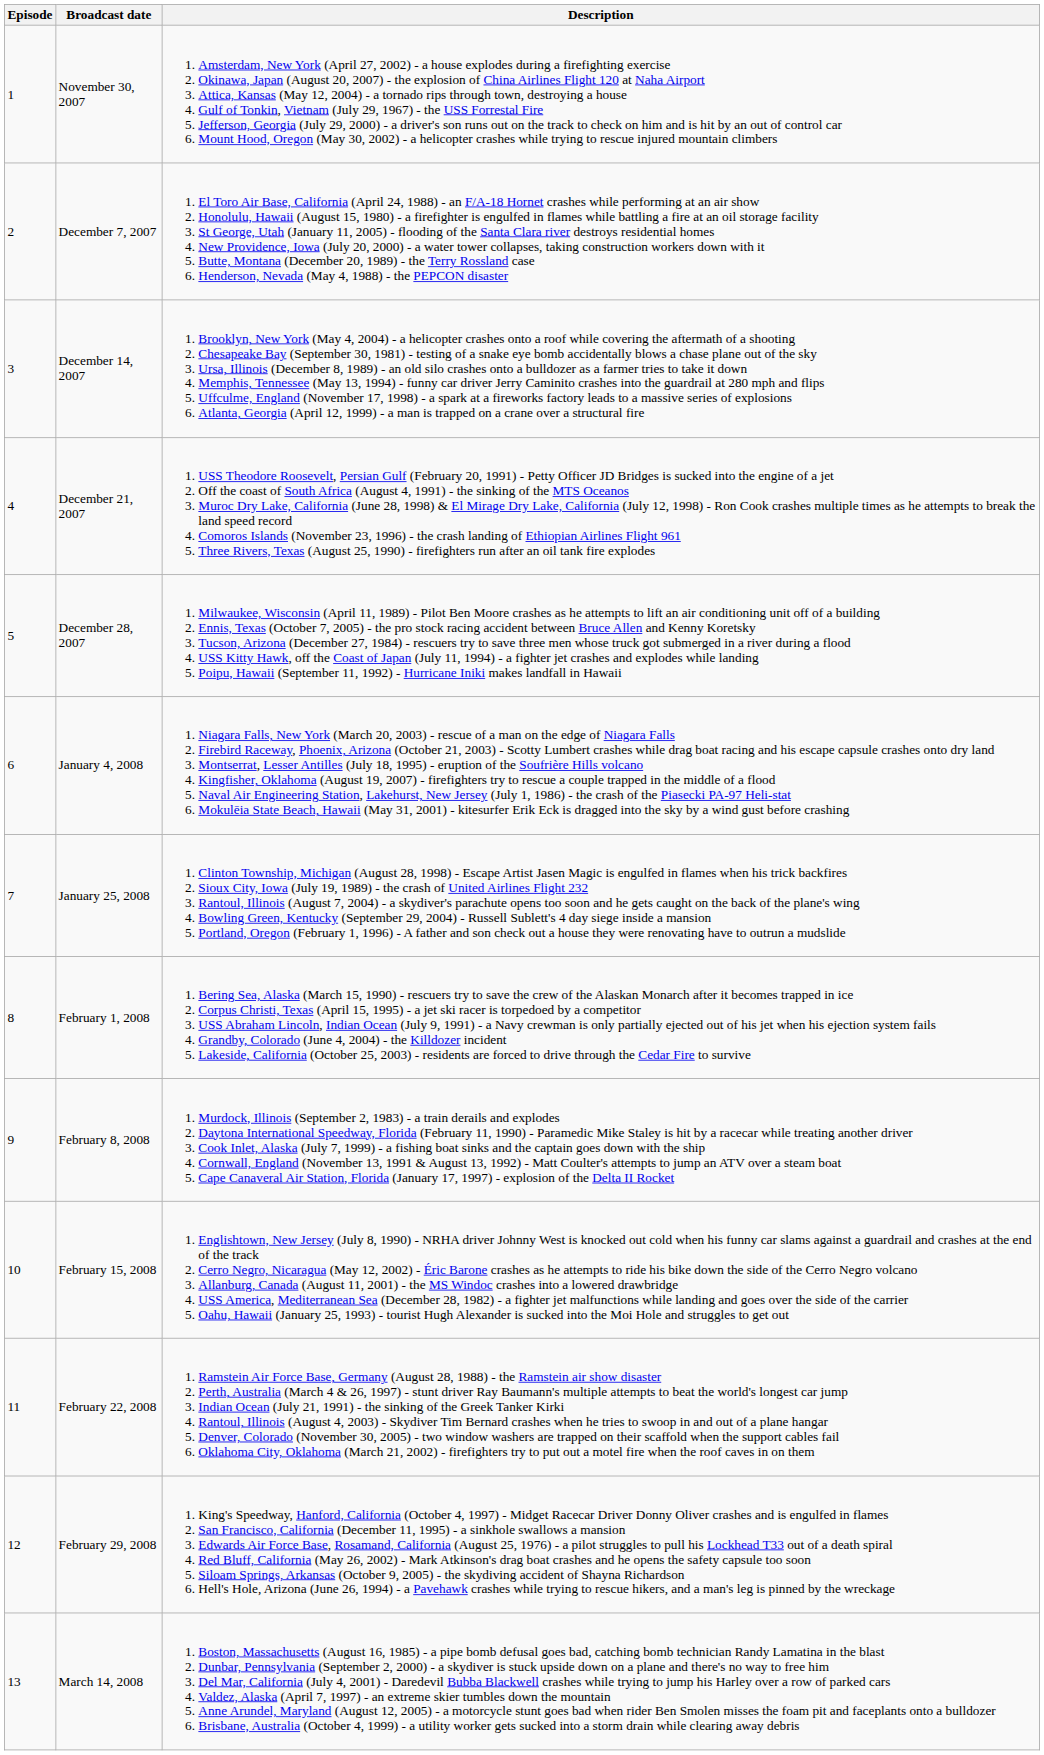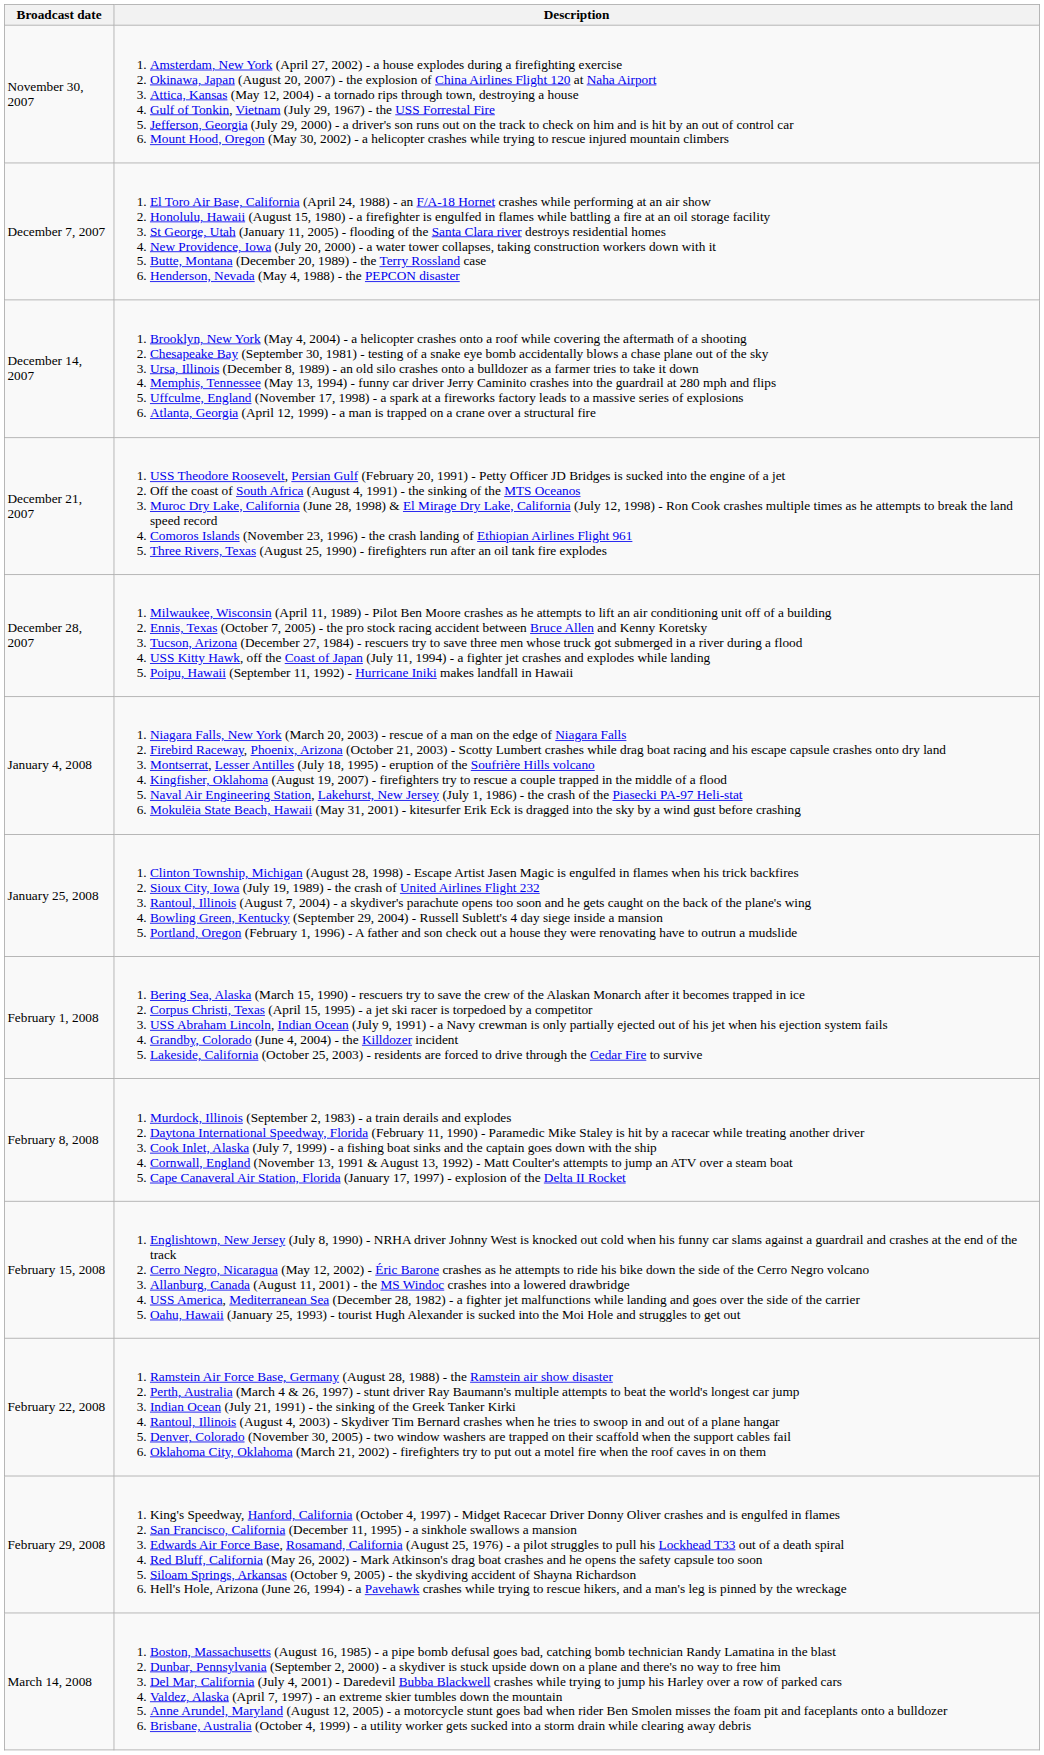 <table class="wikitable">
 <tr>
-<th>Episode</th>
 <th>Broadcast date</th>
 <th>Description</th>
 </tr>
 <tr>
-<td>1</td>
 <td>November 30, 2007</td>
 <td><br><ol><li><a href='#'>Amsterdam, New York</a> (April 27, 2002) - a house explodes during a firefighting exercise</li><li><a href='#'>Okinawa, Japan</a> (August 20, 2007) - the explosion of <a href='#'>China Airlines Flight 120</a> at <a href='#'>Naha Airport</a></li><li><a href='#'>Attica, Kansas</a> (May 12, 2004) - a tornado rips through town, destroying a house</li><li><a href='#'>Gulf of Tonkin</a>, <a href='#'>Vietnam</a> (July 29, 1967) - the <a href='#'>USS Forrestal Fire</a></li><li><a href='#'>Jefferson, Georgia</a> (July 29, 2000) - a driver's son runs out on the track to check on him and is hit by an out of control car</li><li><a href='#'>Mount Hood, Oregon</a> (May 30, 2002) - a helicopter crashes while trying to rescue injured mountain climbers</li></ol></td>
 </tr>
 <tr>
-<td>2</td>
 <td>December 7, 2007</td>
 <td><br><ol><li><a href='#'>El Toro Air Base, California</a> (April 24, 1988) - an <a href='#'>F/A-18 Hornet</a> crashes while performing at an air show</li><li><a href='#'>Honolulu, Hawaii</a> (August 15, 1980) - a firefighter is engulfed in flames while battling a fire at an oil storage facility</li><li><a href='#'>St George, Utah</a> (January 11, 2005) - flooding of the <a href='#'>Santa Clara river</a> destroys residential homes</li><li><a href='#'>New Providence, Iowa</a> (July 20, 2000) - a water tower collapses, taking construction workers down with it</li><li><a href='#'>Butte, Montana</a> (December 20, 1989) - the <a href='#'>Terry Rossland</a> case</li><li><a href='#'>Henderson, Nevada</a> (May 4, 1988) - the <a href='#'>PEPCON disaster</a></li></ol></td>
 </tr>
 <tr>
-<td>3</td>
 <td>December 14, 2007</td>
 <td><br><ol><li><a href='#'>Brooklyn, New York</a> (May 4, 2004) - a helicopter crashes onto a roof while covering the aftermath of a shooting</li><li><a href='#'>Chesapeake Bay</a> (September 30, 1981) - testing of a snake eye bomb accidentally blows a chase plane out of the sky</li><li><a href='#'>Ursa, Illinois</a> (December 8, 1989) - an old silo crashes onto a bulldozer as a farmer tries to take it down</li><li><a href='#'>Memphis, Tennessee</a> (May 13, 1994) - funny car driver Jerry Caminito crashes into the guardrail at 280 mph and flips</li><li><a href='#'>Uffculme, England</a> (November 17, 1998) - a spark at a fireworks factory leads to a massive series of explosions</li><li><a href='#'>Atlanta, Georgia</a> (April 12, 1999) - a man is trapped on a crane over a structural fire</li></ol></td>
 </tr>
 <tr>
-<td>4</td>
 <td>December 21, 2007</td>
 <td><br><ol><li><a href='#'>USS Theodore Roosevelt</a>, <a href='#'>Persian Gulf</a> (February 20, 1991) - Petty Officer JD Bridges is sucked into the engine of a jet</li><li>Off the coast of <a href='#'>South Africa</a> (August 4, 1991) - the sinking of the <a href='#'>MTS Oceanos</a></li><li><a href='#'>Muroc Dry Lake, California</a> (June 28, 1998) & <a href='#'>El Mirage Dry Lake, California</a> (July 12, 1998) - Ron Cook crashes multiple times as he attempts to break the land speed record</li><li><a href='#'>Comoros Islands</a> (November 23, 1996) - the crash landing of <a href='#'>Ethiopian Airlines Flight 961</a></li><li><a href='#'>Three Rivers, Texas</a> (August 25, 1990) - firefighters run after an oil tank fire explodes</li></ol></td>
 </tr>
 <tr>
-<td>5</td>
 <td>December 28, 2007</td>
 <td><br><ol><li><a href='#'>Milwaukee, Wisconsin</a> (April 11, 1989) - Pilot Ben Moore crashes as he attempts to lift an air conditioning unit off of a building</li><li><a href='#'>Ennis, Texas</a> (October 7, 2005) - the pro stock racing accident between <a href='#'>Bruce Allen</a> and Kenny Koretsky</li><li><a href='#'>Tucson, Arizona</a> (December 27, 1984) - rescuers try to save three men whose truck got submerged in a river during a flood</li><li><a href='#'>USS Kitty Hawk</a>, off the <a href='#'>Coast of Japan</a> (July 11, 1994) - a fighter jet crashes and explodes while landing</li><li><a href='#'>Poipu, Hawaii</a> (September 11, 1992) - <a href='#'>Hurricane Iniki</a> makes landfall in Hawaii</li></ol></td>
 </tr>
 <tr>
-<td>6</td>
 <td>January 4, 2008</td>
 <td><br><ol><li><a href='#'>Niagara Falls, New York</a> (March 20, 2003) - rescue of a man on the edge of <a href='#'>Niagara Falls</a></li><li><a href='#'>Firebird Raceway</a>, <a href='#'>Phoenix, Arizona</a> (October 21, 2003) - Scotty Lumbert crashes while drag boat racing and his escape capsule crashes onto dry land</li><li><a href='#'>Montserrat</a>, <a href='#'>Lesser Antilles</a> (July 18, 1995) - eruption of the <a href='#'>Soufrière Hills volcano</a></li><li><a href='#'>Kingfisher, Oklahoma</a> (August 19, 2007) - firefighters try to rescue a couple trapped in the middle of a flood</li><li><a href='#'>Naval Air Engineering Station</a>, <a href='#'>Lakehurst, New Jersey</a> (July 1, 1986) - the crash of the <a href='#'>Piasecki PA-97 Heli-stat</a></li><li><a href='#'>Mokulēia State Beach, Hawaii</a> (May 31, 2001) - kitesurfer Erik Eck is dragged into the sky by a wind gust before crashing</li></ol></td>
 </tr>
 <tr>
-<td>7</td>
 <td>January 25, 2008</td>
 <td><br><ol><li><a href='#'>Clinton Township, Michigan</a> (August 28, 1998) - Escape Artist Jasen Magic is engulfed in flames when his trick backfires</li><li><a href='#'>Sioux City, Iowa</a> (July 19, 1989) - the crash of <a href='#'>United Airlines Flight 232</a></li><li><a href='#'>Rantoul, Illinois</a> (August 7, 2004) - a skydiver's parachute opens too soon and he gets caught on the back of the plane's wing</li><li><a href='#'>Bowling Green, Kentucky</a> (September 29, 2004) - Russell Sublett's 4 day siege inside a mansion</li><li><a href='#'>Portland, Oregon</a> (February 1, 1996) - A father and son check out a house they were renovating have to outrun a mudslide</li></ol></td>
 </tr>
 <tr>
-<td>8</td>
 <td>February 1, 2008</td>
 <td><br><ol><li><a href='#'>Bering Sea, Alaska</a> (March 15, 1990) - rescuers try to save the crew of the Alaskan Monarch after it becomes trapped in ice</li><li><a href='#'>Corpus Christi, Texas</a> (April 15, 1995) - a jet ski racer is torpedoed by a competitor</li><li><a href='#'>USS Abraham Lincoln</a>, <a href='#'>Indian Ocean</a> (July 9, 1991) - a Navy crewman is only partially ejected out of his jet when his ejection system fails</li><li><a href='#'>Grandby, Colorado</a> (June 4, 2004) - the <a href='#'>Killdozer</a> incident</li><li><a href='#'>Lakeside, California</a> (October 25, 2003) - residents are forced to drive through the <a href='#'>Cedar Fire</a> to survive</li></ol></td>
 </tr>
 <tr>
-<td>9</td>
 <td>February 8, 2008</td>
 <td><br><ol><li><a href='#'>Murdock, Illinois</a> (September 2, 1983) - a train derails and explodes</li><li><a href='#'>Daytona International Speedway, Florida</a> (February 11, 1990) - Paramedic Mike Staley is hit by a racecar while treating another driver</li><li><a href='#'>Cook Inlet, Alaska</a> (July 7, 1999) - a fishing boat sinks and the captain goes down with the ship</li><li><a href='#'>Cornwall, England</a> (November 13, 1991 & August 13, 1992) - Matt Coulter's attempts to jump an ATV over a steam boat</li><li><a href='#'>Cape Canaveral Air Station, Florida</a> (January 17, 1997) - explosion of the <a href='#'>Delta II Rocket</a></li></ol></td>
 </tr>
 <tr>
-<td>10</td>
 <td>February 15, 2008</td>
 <td><br><ol><li><a href='#'>Englishtown, New Jersey</a> (July 8, 1990) - NRHA driver Johnny West is knocked out cold when his funny car slams against a guardrail and crashes at the end of the track</li><li><a href='#'>Cerro Negro, Nicaragua</a> (May 12, 2002) - <a href='#'>Éric Barone</a> crashes as he attempts to ride his bike down the side of the Cerro Negro volcano</li><li><a href='#'>Allanburg, Canada</a> (August 11, 2001) - the <a href='#'>MS Windoc</a> crashes into a lowered drawbridge</li><li><a href='#'>USS America</a>, <a href='#'>Mediterranean Sea</a> (December 28, 1982) - a fighter jet malfunctions while landing and goes over the side of the carrier</li><li><a href='#'>Oahu, Hawaii</a> (January 25, 1993) - tourist Hugh Alexander is sucked into the Moi Hole and struggles to get out</li></ol></td>
 </tr>
 <tr>
-<td>11</td>
 <td>February 22, 2008</td>
 <td><br><ol><li><a href='#'>Ramstein Air Force Base, Germany</a> (August 28, 1988) - the <a href='#'>Ramstein air show disaster</a></li><li><a href='#'>Perth, Australia</a> (March 4 & 26, 1997) - stunt driver Ray Baumann's multiple attempts to beat the world's longest car jump</li><li><a href='#'>Indian Ocean</a> (July 21, 1991) - the sinking of the Greek Tanker Kirki</li><li><a href='#'>Rantoul, Illinois</a> (August 4, 2003) -  Skydiver Tim Bernard crashes when he tries to swoop in and out of a plane hangar</li><li><a href='#'>Denver, Colorado</a> (November 30, 2005) - two window washers are trapped on their scaffold when the support cables fail</li><li><a href='#'>Oklahoma City, Oklahoma</a> (March 21, 2002) - firefighters try to put out a motel fire when the roof caves in on them</li></ol></td>
 </tr>
 <tr>
-<td>12</td>
 <td>February 29, 2008</td>
 <td><br><ol><li>King's Speedway, <a href='#'>Hanford, California</a> (October 4, 1997) - Midget Racecar Driver Donny Oliver crashes and is engulfed in flames</li><li><a href='#'>San Francisco, California</a> (December 11, 1995) - a sinkhole swallows a mansion</li><li><a href='#'>Edwards Air Force Base</a>, <a href='#'>Rosamand, California</a> (August 25, 1976) - a pilot struggles to pull his <a href='#'>Lockhead T33</a> out of a death spiral</li><li><a href='#'>Red Bluff, California</a> (May 26, 2002) - Mark Atkinson's drag boat crashes and he opens the safety capsule too soon</li><li><a href='#'>Siloam Springs, Arkansas</a> (October 9, 2005) - the skydiving accident of Shayna Richardson</li><li>Hell's Hole, Arizona (June 26, 1994) - a <a href='#'>Pavehawk</a> crashes while trying to rescue hikers, and a man's leg is pinned by the wreckage</li></ol></td>
 </tr>
 <tr>
-<td>13</td>
 <td>March 14, 2008</td>
 <td><br><ol><li><a href='#'>Boston, Massachusetts</a> (August 16, 1985) - a pipe bomb defusal goes bad, catching bomb technician Randy Lamatina in the blast</li><li><a href='#'>Dunbar, Pennsylvania</a> (September 2, 2000) - a skydiver is stuck upside down on a plane and there's no way to free him</li><li><a href='#'>Del Mar, California</a> (July 4, 2001) - Daredevil <a href='#'>Bubba Blackwell</a> crashes while trying to jump his Harley over a row of parked cars</li><li><a href='#'>Valdez, Alaska</a> (April 7, 1997) - an extreme skier tumbles down the mountain</li><li><a href='#'>Anne Arundel, Maryland</a> (August 12, 2005) - a motorcycle stunt goes bad when rider Ben Smolen misses the foam pit and faceplants onto a bulldozer</li><li><a href='#'>Brisbane, Australia</a> (October 4, 1999) - a utility worker gets sucked into a storm drain while clearing away debris</li></ol></td>
 </tr>
 </table>
